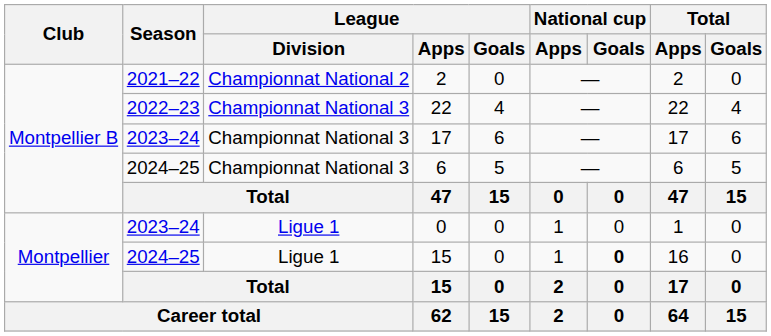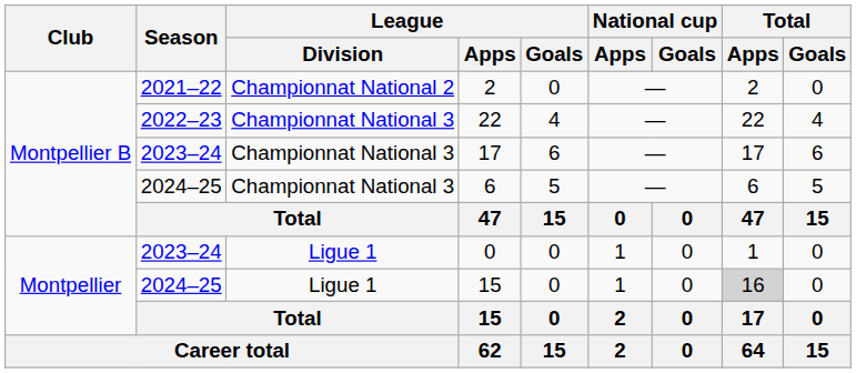 <table class="wikitable" Style="text-align: center">
 <tr>
 <th rowspan="2">Club</th>
 <th rowspan="2">Season</th>
 <th colspan="3">League</th>
 <th colspan="2">National cup</th>
 <th colspan="2">Total</th>
 </tr>
 <tr>
 <th>Division</th>
 <th>Apps</th>
 <th>Goals</th>
 <th>Apps</th>
 <th>Goals</th>
 <th>Apps</th>
 <th>Goals</th>
 </tr>
 <tr>
 <td rowspan="5"><a href='#'>Montpellier B</a></td>
 <td><a href='#'>2021–22</a></td>
 <td><a href='#'>Championnat National 2</a></td>
 <td>2</td>
 <td>0</td>
 <td colspan="2">—</td>
 <td>2</td>
 <td>0</td>
 </tr>
 <tr>
 <td><a href='#'>2022–23</a></td>
 <td><a href='#'>Championnat National 3</a></td>
 <td>22</td>
 <td>4</td>
 <td colspan="2">—</td>
 <td>22</td>
 <td>4</td>
 </tr>
 <tr>
 <td><a href='#'>2023–24</a></td>
 <td>Championnat National 3</td>
 <td>17</td>
 <td>6</td>
 <td colspan="2">—</td>
 <td>17</td>
 <td>6</td>
 </tr>
 <tr>
 <td>2024–25</td>
 <td>Championnat National 3</td>
 <td>6</td>
 <td>5</td>
 <td colspan="2">—</td>
 <td>6</td>
 <td>5</td>
 </tr>
 <tr>
 <th colspan="2">Total</th>
 <th>47</th>
 <th>15</th>
 <th>0</th>
 <th>0</th>
 <th>47</th>
 <th>15</th>
 </tr>
 <tr>
 <td rowspan="3"><a href='#'>Montpellier</a></td>
 <td><a href='#'>2023–24</a></td>
 <td><a href='#'>Ligue 1</a></td>
 <td>0</td>
 <td>0</td>
 <td>1</td>
 <td>0</td>
 <td>1</td>
 <td>0</td>
 </tr>
 <tr>
 <td><a href='#'>2024–25</a></td>
 <td>Ligue 1</td>
 <td>15</td>
 <td>0</td>
 <td>1</td>
-<td><strong>0</strong></td>
-<td>16</td>
+<td>0</td>
+<td style="background: lightgrey;">16</td>
 <td>0</td>
 </tr>
 <tr>
 <th colspan="2">Total</th>
 <th>15</th>
 <th>0</th>
 <th>2</th>
 <th>0</th>
 <th>17</th>
 <th>0</th>
 </tr>
 <tr>
 <th colspan="3">Career total</th>
 <th>62</th>
 <th>15</th>
 <th>2</th>
 <th>0</th>
 <th>64</th>
 <th>15</th>
 </tr>
 </table>
